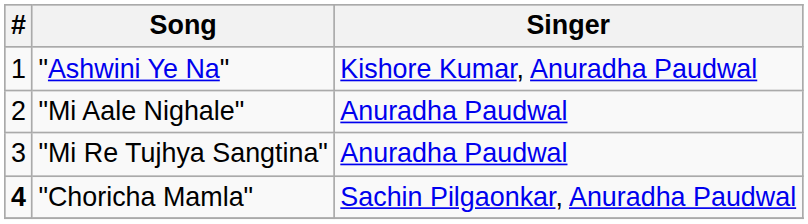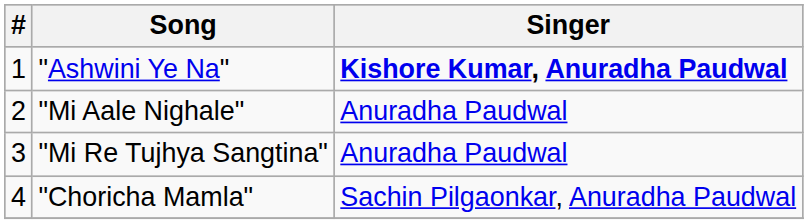 <table class="wikitable">
 <tr>
 <th>#</th>
 <th>Song</th>
 <th>Singer</th>
 </tr>
 <tr>
 <td>1</td>
 <td>"<a href='#'>Ashwini Ye Na</a>"</td>
-<td><a href='#'>Kishore Kumar</a>, <a href='#'>Anuradha Paudwal</a></td>
+<td><strong><a href='#'>Kishore Kumar</a>, <a href='#'>Anuradha Paudwal</a></strong></td>
 </tr>
 <tr>
 <td>2</td>
 <td>"Mi Aale Nighale"</td>
 <td><a href='#'>Anuradha Paudwal</a></td>
 </tr>
 <tr>
 <td>3</td>
 <td>"Mi Re Tujhya Sangtina"</td>
 <td><a href='#'>Anuradha Paudwal</a></td>
 </tr>
 <tr>
-<td><strong>4</strong></td>
+<td>4</td>
 <td>"Choricha Mamla"</td>
 <td><a href='#'>Sachin Pilgaonkar</a>, <a href='#'>Anuradha Paudwal</a></td>
 </tr>
 <tr>
 </tr>
 </table>
